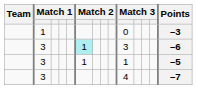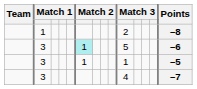 <table class="wikitable sortable" style="text-align:center;">
 <tr>
 <th rowspan=2>Team</th>
 <th colspan=4 style="border-left:3px solid gray">Match 1</th>
 <th colspan=4 style="border-left:3px solid gray">Match 2</th>
 <th colspan=4 style="border-left:3px solid gray">Match 3</th>
 <th rowspan=2 style="border-left:3px solid gray">Points</th>
 </tr>
 <tr>
 <th style="border-left:3px solid gray"></th>
 <th></th>
 <th></th>
 <th></th>
 <th style="border-left:3px solid gray"></th>
 <th></th>
 <th></th>
 <th></th>
 <th style="border-left:3px solid gray"></th>
 <th></th>
 <th></th>
 <th></th>
 </tr>
 <tr>
 <td align=left></td>
 <td style="border-left:3px solid gray">1</td>
 <td></td>
 <td></td>
 <td></td>
 <td style="border-left:3px solid gray"></td>
 <td></td>
 <td></td>
 <td></td>
-<td style="border-left:3px solid gray">0</td>
+<td style="border-left:3px solid gray">2</td>
 <td></td>
 <td></td>
 <td></td>
-<th style="border-left:3px solid gray">–3</th>
+<th style="border-left:3px solid gray">–8</th>
 </tr>
 <tr>
 <td align=left></td>
 <td style="border-left:3px solid gray">3</td>
 <td></td>
 <td></td>
 <td></td>
 <td style="background: paleturquoise; border-left:3px solid gray">1</td>
 <td></td>
 <td></td>
 <td></td>
-<td style="border-left:3px solid gray">3</td>
+<td style="border-left:3px solid gray">5</td>
 <td></td>
 <td></td>
 <td></td>
 <th style="border-left:3px solid gray">–6</th>
 </tr>
 <tr>
 <td align=left></td>
 <td style="border-left:3px solid gray">3</td>
 <td></td>
 <td></td>
 <td></td>
 <td style="border-left:3px solid gray">1</td>
 <td></td>
 <td></td>
 <td></td>
 <td style="border-left:3px solid gray">1</td>
 <td></td>
 <td></td>
 <td></td>
 <th style="border-left:3px solid gray">–5</th>
 </tr>
 <tr>
 <td align=left></td>
 <td style="border-left:3px solid gray">3</td>
 <td></td>
 <td></td>
 <td></td>
 <td style="border-left:3px solid gray"></td>
 <td></td>
 <td></td>
 <td></td>
 <td style="border-left:3px solid gray">4</td>
 <td></td>
 <td></td>
 <td></td>
 <th style="border-left:3px solid gray">–7</th>
 </tr>
 </table>
